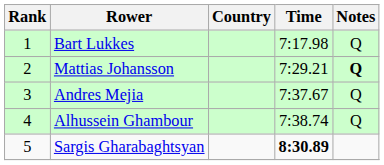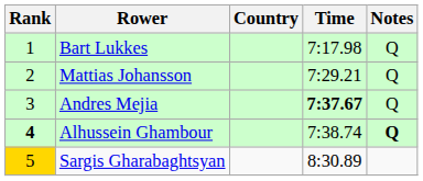 <table class="wikitable" style="text-align:center">
 <tr>
 <th>Rank</th>
 <th>Rower</th>
 <th>Country</th>
 <th>Time</th>
 <th>Notes</th>
 </tr>
 <tr bgcolor=ccffcc>
 <td>1</td>
 <td align="left"><a href='#'>Bart Lukkes</a></td>
 <td align="left"></td>
 <td>7:17.98</td>
 <td>Q</td>
 </tr>
 <tr bgcolor=ccffcc>
 <td>2</td>
 <td align="left"><a href='#'>Mattias Johansson</a></td>
 <td align="left"></td>
 <td>7:29.21</td>
-<td><strong>Q</strong></td>
+<td>Q</td>
 </tr>
 <tr bgcolor=ccffcc>
 <td>3</td>
 <td align="left"><a href='#'>Andres Mejia</a></td>
 <td align="left"></td>
-<td>7:37.67</td>
+<td><strong>7:37.67</strong></td>
 <td>Q</td>
 </tr>
 <tr bgcolor=ccffcc>
-<td>4</td>
+<td><strong>4</strong></td>
 <td align="left"><a href='#'>Alhussein Ghambour</a></td>
 <td align="left"></td>
 <td>7:38.74</td>
-<td>Q</td>
+<td><strong>Q</strong></td>
 </tr>
 <tr>
-<td>5</td>
+<td style="background: gold;">5</td>
 <td align="left"><a href='#'>Sargis Gharabaghtsyan</a></td>
 <td align="left"></td>
-<td><strong>8:30.89</strong></td>
+<td>8:30.89</td>
 <td></td>
 </tr>
 <tr>
 </tr>
 </table>
